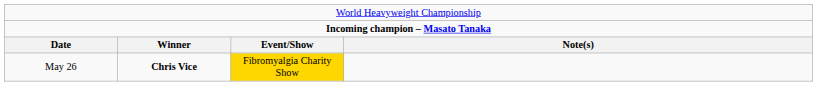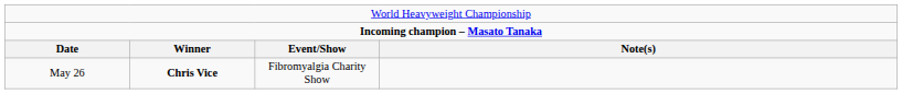 <table class="wikitable" style="text-align:center; width:100%;">
 <tr>
 <td colspan="5" style="text-align: center;"><a href='#'>World Heavyweight Championship</a></td>
 </tr>
 <tr>
 <td colspan="5" style="text-align: center;"><strong>Incoming champion – <a href='#'>Masato Tanaka</a></strong></td>
 </tr>
 <tr>
 <th width=14%>Date</th>
 <th width=14%>Winner</th>
 <th width=14%>Event/Show</th>
 <th width=58%>Note(s)</th>
 </tr>
 <tr>
 <td>May 26</td>
 <td><strong>Chris Vice</strong></td>
-<td style="background: gold;">Fibromyalgia Charity Show</td>
+<td>Fibromyalgia Charity Show</td>
 <td></td>
 </tr>
 </table>
